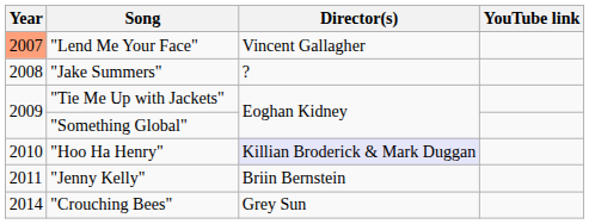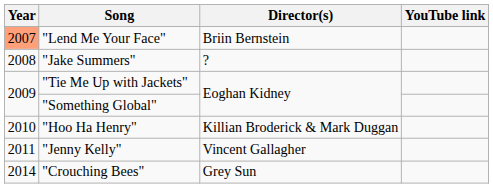 <table class="wikitable" style="align:left;">
 <tr>
 <th>Year</th>
 <th style="width:175px;">Song</th>
 <th>Director(s)</th>
 <th width=>YouTube link</th>
 </tr>
 <tr>
 <td style="background: lightsalmon;">2007</td>
 <td>"Lend Me Your Face"</td>
-<td>Vincent Gallagher</td>
+<td>Briin Bernstein</td>
 <td></td>
 </tr>
 <tr>
 <td>2008</td>
 <td>"Jake Summers"</td>
 <td>?</td>
 <td></td>
 </tr>
 <tr>
 <td rowspan="2">2009</td>
 <td>"Tie Me Up with Jackets"</td>
 <td rowspan="2">Eoghan Kidney</td>
 <td></td>
 </tr>
 <tr>
 <td>"Something Global"</td>
 <td></td>
 </tr>
 <tr>
 <td>2010</td>
 <td>"Hoo Ha Henry"</td>
-<td style="background: lavender;">Killian Broderick & Mark Duggan</td>
+<td>Killian Broderick & Mark Duggan</td>
 <td></td>
 </tr>
 <tr>
 <td>2011</td>
 <td>"Jenny Kelly"</td>
-<td>Briin Bernstein</td>
+<td>Vincent Gallagher</td>
 <td></td>
 </tr>
 <tr>
 <td>2014</td>
 <td>"Crouching Bees"</td>
 <td>Grey Sun</td>
 <td></td>
 </tr>
 </table>
